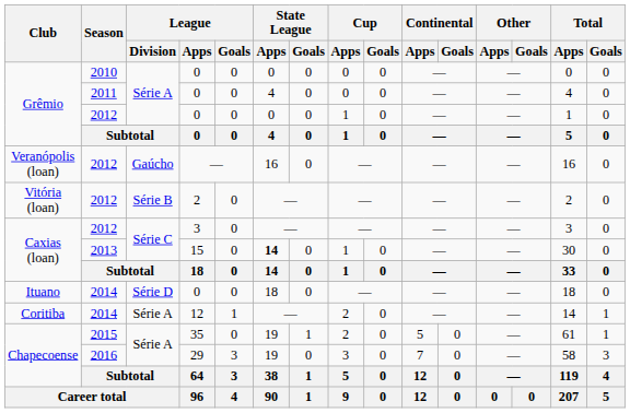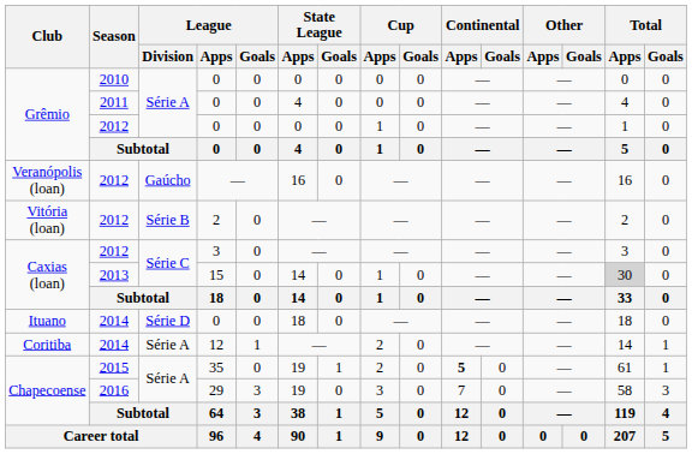 <table class="wikitable" style="text-align: center;">
 <tr>
 <th rowspan="2">Club</th>
 <th rowspan="2">Season</th>
 <th colspan="3">League</th>
 <th colspan="2">State League</th>
 <th colspan="2">Cup</th>
 <th colspan="2">Continental</th>
 <th colspan="2">Other</th>
 <th colspan="2">Total</th>
 </tr>
 <tr>
 <th>Division</th>
 <th>Apps</th>
 <th>Goals</th>
 <th>Apps</th>
 <th>Goals</th>
 <th>Apps</th>
 <th>Goals</th>
 <th>Apps</th>
 <th>Goals</th>
 <th>Apps</th>
 <th>Goals</th>
 <th>Apps</th>
 <th>Goals</th>
 </tr>
 <tr>
 <td rowspan="4" valign="center"><a href='#'>Grêmio</a></td>
 <td><a href='#'>2010</a></td>
 <td rowspan="3"><a href='#'>Série A</a></td>
 <td>0</td>
 <td>0</td>
 <td>0</td>
 <td>0</td>
 <td>0</td>
 <td>0</td>
 <td colspan="2">—</td>
 <td colspan="2">—</td>
 <td>0</td>
 <td>0</td>
 </tr>
 <tr>
 <td><a href='#'>2011</a></td>
 <td>0</td>
 <td>0</td>
 <td>4</td>
 <td>0</td>
 <td>0</td>
 <td>0</td>
 <td colspan="2">—</td>
 <td colspan="2">—</td>
 <td>4</td>
 <td>0</td>
 </tr>
 <tr>
 <td><a href='#'>2012</a></td>
 <td>0</td>
 <td>0</td>
 <td>0</td>
 <td>0</td>
 <td>1</td>
 <td>0</td>
 <td colspan="2">—</td>
 <td colspan="2">—</td>
 <td>1</td>
 <td>0</td>
 </tr>
 <tr>
 <th colspan="2">Subtotal</th>
 <th>0</th>
 <th>0</th>
 <th>4</th>
 <th>0</th>
 <th>1</th>
 <th>0</th>
 <th colspan="2">—</th>
 <th colspan="2">—</th>
 <th>5</th>
 <th>0</th>
 </tr>
 <tr>
 <td valign="center"><a href='#'>Veranópolis</a> (loan)</td>
 <td><a href='#'>2012</a></td>
 <td><a href='#'>Gaúcho</a></td>
 <td colspan="2">—</td>
 <td>16</td>
 <td>0</td>
 <td colspan="2">—</td>
 <td colspan="2">—</td>
 <td colspan="2">—</td>
 <td>16</td>
 <td>0</td>
 </tr>
 <tr>
 <td valign="center"><a href='#'>Vitória</a> (loan)</td>
 <td><a href='#'>2012</a></td>
 <td><a href='#'>Série B</a></td>
 <td>2</td>
 <td>0</td>
 <td colspan="2">—</td>
 <td colspan="2">—</td>
 <td colspan="2">—</td>
 <td colspan="2">—</td>
 <td>2</td>
 <td>0</td>
 </tr>
 <tr>
 <td rowspan="3" valign="center"><a href='#'>Caxias</a> (loan)</td>
 <td><a href='#'>2012</a></td>
 <td rowspan="2"><a href='#'>Série C</a></td>
 <td>3</td>
 <td>0</td>
 <td colspan="2">—</td>
 <td colspan="2">—</td>
 <td colspan="2">—</td>
 <td colspan="2">—</td>
 <td>3</td>
 <td>0</td>
 </tr>
 <tr>
 <td><a href='#'>2013</a></td>
 <td>15</td>
 <td>0</td>
-<td><strong>14</strong></td>
+<td>14</td>
 <td>0</td>
 <td>1</td>
 <td>0</td>
 <td colspan="2">—</td>
 <td colspan="2">—</td>
-<td>30</td>
+<td style="background: lightgrey;">30</td>
 <td>0</td>
 </tr>
 <tr>
 <th colspan="2">Subtotal</th>
 <th>18</th>
 <th>0</th>
 <th>14</th>
 <th>0</th>
 <th>1</th>
 <th>0</th>
 <th colspan="2">—</th>
 <th colspan="2">—</th>
 <th>33</th>
 <th>0</th>
 </tr>
 <tr>
 <td valign="center"><a href='#'>Ituano</a></td>
 <td><a href='#'>2014</a></td>
 <td><a href='#'>Série D</a></td>
 <td>0</td>
 <td>0</td>
 <td>18</td>
 <td>0</td>
 <td colspan="2">—</td>
 <td colspan="2">—</td>
 <td colspan="2">—</td>
 <td>18</td>
 <td>0</td>
 </tr>
 <tr>
 <td valign="center"><a href='#'>Coritiba</a></td>
 <td><a href='#'>2014</a></td>
 <td>Série A</td>
 <td>12</td>
 <td>1</td>
 <td colspan="2">—</td>
 <td>2</td>
 <td>0</td>
 <td colspan="2">—</td>
 <td colspan="2">—</td>
 <td>14</td>
 <td>1</td>
 </tr>
 <tr>
 <td rowspan="3" valign="center"><a href='#'>Chapecoense</a></td>
 <td><a href='#'>2015</a></td>
 <td rowspan="2">Série A</td>
 <td>35</td>
 <td>0</td>
 <td>19</td>
 <td>1</td>
 <td>2</td>
 <td>0</td>
-<td>5</td>
+<td><strong>5</strong></td>
 <td>0</td>
 <td colspan="2">—</td>
 <td>61</td>
 <td>1</td>
 </tr>
 <tr>
 <td><a href='#'>2016</a></td>
 <td>29</td>
 <td>3</td>
 <td>19</td>
 <td>0</td>
 <td>3</td>
 <td>0</td>
 <td>7</td>
 <td>0</td>
 <td colspan="2">—</td>
 <td>58</td>
 <td>3</td>
 </tr>
 <tr>
 <th colspan="2">Subtotal</th>
 <th>64</th>
 <th>3</th>
 <th>38</th>
 <th>1</th>
 <th>5</th>
 <th>0</th>
 <th>12</th>
 <th>0</th>
 <th colspan="2">—</th>
 <th>119</th>
 <th>4</th>
 </tr>
 <tr>
 <th colspan="3"><strong>Career total</strong></th>
 <th>96</th>
 <th>4</th>
 <th>90</th>
 <th>1</th>
 <th>9</th>
 <th>0</th>
 <th>12</th>
 <th>0</th>
 <th>0</th>
 <th>0</th>
 <th>207</th>
 <th>5</th>
 </tr>
 </table>
